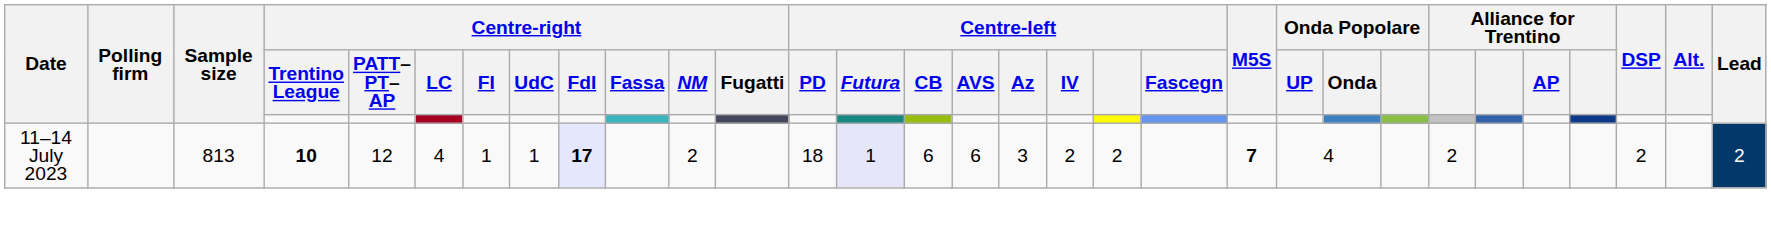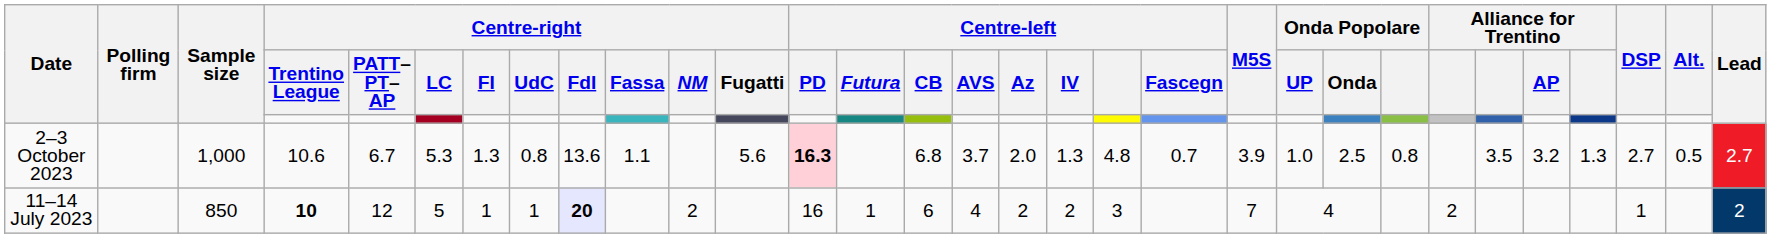 <table class="wikitable collapsible collapsed" style="text-align:center;font-size:85%;line-height:13px">
 <tr>
 <th rowspan="3">Date</th>
 <th rowspan="3">Polling firm</th>
 <th rowspan="3">Sample size</th>
 <th colspan="9"><a href='#'>Centre-right</a></th>
 <th colspan="8"><a href='#'>Centre-left</a></th>
 <th rowspan="2" style="width:27px;"><a href='#'>M5S</a></th>
 <th colspan="3">Onda Popolare</th>
 <th colspan="4">Alliance for Trentino</th>
 <th rowspan="2" style="width:27px;"><a href='#'>DSP</a></th>
 <th rowspan="2" style="width:27px;"><a href='#'>Alt.</a></th>
 <th rowspan="3">Lead</th>
 </tr>
 <tr>
 <th style="width:27px;"><a href='#'>Trentino League</a></th>
 <th style="width:27px;"><a href='#'>PATT</a>–<a href='#'>PT</a>–<a href='#'>AP</a></th>
 <th style="width:27px;"><a href='#'>LC</a></th>
 <th style="width:27px;"><a href='#'>FI</a></th>
 <th style="width:27px;"><a href='#'>UdC</a></th>
 <th style="width:27px;"><a href='#'>FdI</a></th>
 <th style="width:27px;"><a href='#'>Fassa</a></th>
 <th style="width:27px;"><em><a href='#'>NM</a></em></th>
 <th style="width:27px;">Fugatti</th>
 <th style="width:27px;"><a href='#'>PD</a></th>
 <th style="width:27px;"><em><a href='#'>Futura</a></em></th>
 <th style="width:27px;"><a href='#'>CB</a></th>
 <th style="width:27px;"><a href='#'>AVS</a></th>
 <th style="width:27px;"><a href='#'>Az</a></th>
 <th style="width:27px;"><a href='#'>IV</a></th>
 <th style="width:27px;"></th>
 <th style="width:27px;"><a href='#'>Fascegn</a></th>
 <th style="width:27px;"><a href='#'>UP</a></th>
 <th style="width:27px;">Onda</th>
 <th style="width:27px;"></th>
 <th style="width:27px;"></th>
 <th style="width:27px;"></th>
 <th style="width:27px;"><a href='#'>AP</a></th>
 <th style="width:27px;"></th>
 </tr>
 <tr>
 <td></td>
 <td></td>
 <td bgcolor="#A50021"></td>
 <td></td>
 <td></td>
 <td></td>
 <td bgcolor="#39B5BD"></td>
 <td></td>
 <td bgcolor="#45475d"></td>
 <td></td>
 <td bgcolor="#168783"></td>
 <td bgcolor="#96bf0d"></td>
 <td></td>
 <td></td>
 <td></td>
 <td bgcolor="#fffb00"></td>
 <td style="background-color:#6495ED"></td>
 <td></td>
 <td></td>
 <td bgcolor=#3b81bf></td>
 <td bgcolor=#89bf44></td>
 <td bgcolor="#c2c2c2"></td>
 <td bgcolor="#3061aa"></td>
 <td style="background-color:"></td>
 <td style="background-color:#0c3889"></td>
 <td></td>
 <td></td>
 </tr>
 <tr>
+<td>2–3 October 2023</td>
+<td></td>
+<td>1,000</td>
+<td>10.6</td>
+<td>6.7</td>
+<td>5.3</td>
+<td>1.3</td>
+<td>0.8</td>
+<td>13.6</td>
+<td>1.1</td>
+<td></td>
+<td>5.6</td>
+<td style="background:#FFD0D7"><strong>16.3</strong></td>
+<td></td>
+<td>6.8</td>
+<td>3.7</td>
+<td>2.0</td>
+<td>1.3</td>
+<td>4.8</td>
+<td>0.7</td>
+<td>3.9</td>
+<td>1.0</td>
+<td>2.5</td>
+<td>0.8</td>
+<td></td>
+<td>3.5</td>
+<td>3.2</td>
+<td>1.3</td>
+<td>2.7</td>
+<td>0.5</td>
+<td style="background:#EF1C27; color:white;">2.7</td>
+</tr>
+<tr>
 <td>11–14 July 2023</td>
 <td></td>
-<td>813</td>
+<td>850</td>
 <td><strong>10</strong></td>
 <td>12</td>
-<td>4</td>
+<td>5</td>
 <td>1</td>
 <td>1</td>
-<td style="background:#E5E7FF;"><strong>17</strong></td>
+<td style="background:#E5E7FF;"><strong>20</strong></td>
 <td></td>
 <td>2</td>
 <td></td>
-<td>18</td>
-<td style="background: lavender;">1</td>
+<td>16</td>
+<td>1</td>
 <td>6</td>
-<td>6</td>
-<td>3</td>
+<td>4</td>
 <td>2</td>
 <td>2</td>
+<td>3</td>
 <td></td>
-<td><strong>7</strong></td>
+<td>7</td>
 <td colspan=2>4</td>
 <td></td>
 <td>2</td>
 <td></td>
 <td></td>
 <td></td>
-<td>2</td>
+<td>1</td>
 <td></td>
 <td style="background:#03386A; color:white;">2</td>
 </tr>
 </table>
